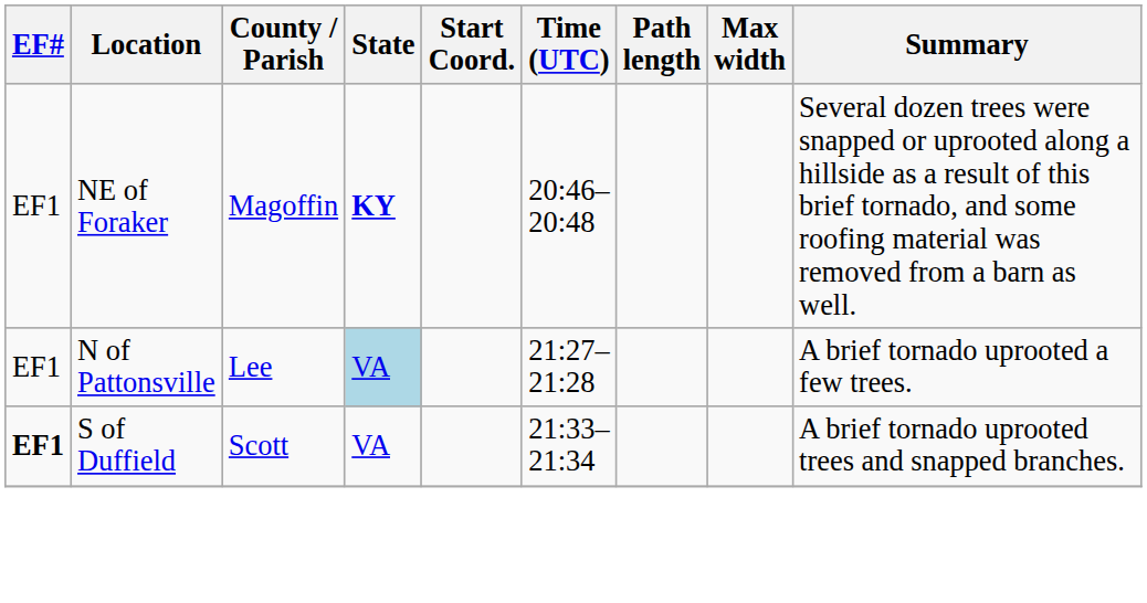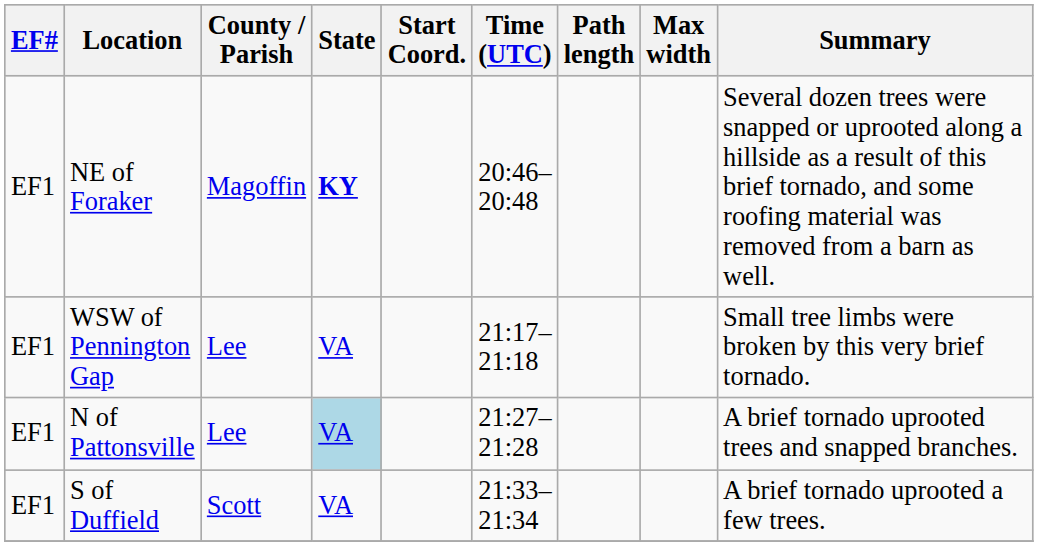 <table class="wikitable sortable" style="width:100%;">
 <tr>
 <th scope="col"  style="width:3%; text-align:center;"><a href='#'>EF#</a></th>
 <th scope="col"  style="width:7%; text-align:center;" class="unsortable">Location</th>
 <th scope="col"  style="width:6%; text-align:center;" class="unsortable">County / Parish</th>
 <th scope="col"  style="width:5%; text-align:center;">State</th>
 <th scope="col"  style="width:6%; text-align:center;">Start Coord.</th>
 <th scope="col"  style="width:6%; text-align:center;">Time (<a href='#'>UTC</a>)</th>
 <th scope="col"  style="width:6%; text-align:center;">Path length</th>
 <th scope="col"  style="width:6%; text-align:center;">Max width</th>
 <th scope="col" class="unsortable" style="width:48%; text-align:center;">Summary</th>
 </tr>
 <tr>
 <td>EF1</td>
 <td>NE of <a href='#'>Foraker</a></td>
 <td><a href='#'>Magoffin</a></td>
 <td><strong><a href='#'>KY</a></strong></td>
 <td></td>
 <td>20:46–20:48</td>
 <td></td>
 <td></td>
 <td>Several dozen trees were snapped or uprooted along a hillside as a result of this brief tornado, and some roofing material was removed from a barn as well.</td>
 </tr>
 <tr>
 <td>EF1</td>
+<td>WSW of <a href='#'>Pennington Gap</a></td>
+<td><a href='#'>Lee</a></td>
+<td><a href='#'>VA</a></td>
+<td></td>
+<td>21:17–21:18</td>
+<td></td>
+<td></td>
+<td>Small tree limbs were broken by this very brief tornado.</td>
+</tr>
+<tr>
+<td>EF1</td>
 <td>N of <a href='#'>Pattonsville</a></td>
 <td><a href='#'>Lee</a></td>
 <td style="background: lightblue;"><a href='#'>VA</a></td>
 <td></td>
 <td>21:27–21:28</td>
 <td></td>
 <td></td>
-<td>A brief tornado uprooted a few trees.</td>
+<td>A brief tornado uprooted trees and snapped branches.</td>
 </tr>
 <tr>
-<td><strong>EF1</strong></td>
+<td>EF1</td>
 <td>S of <a href='#'>Duffield</a></td>
 <td><a href='#'>Scott</a></td>
 <td><a href='#'>VA</a></td>
 <td></td>
 <td>21:33–21:34</td>
 <td></td>
 <td></td>
-<td>A brief tornado uprooted trees and snapped branches.</td>
+<td>A brief tornado uprooted a few trees.</td>
 </tr>
 <tr>
 </tr>
 </table>
